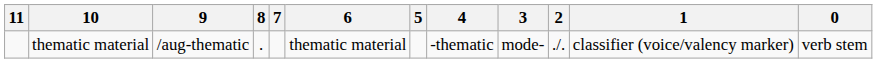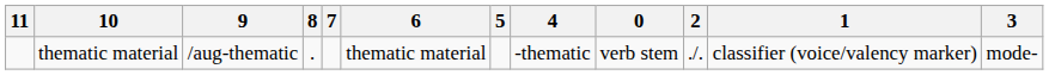 <table class="wikitable" frame=void style="vertical-align:top; text-align:center;">
 <tr>
 <th>11</th>
 <th>10</th>
 <th>9</th>
 <th>8</th>
 <th>7</th>
 <th>6</th>
 <th>5</th>
 <th>4</th>
-<th>3</th>
+<th>0</th>
 <th>2</th>
 <th>1</th>
-<th>0</th>
+<th>3</th>
 </tr>
 <tr>
 <td></td>
 <td>thematic material</td>
 <td>/aug-thematic</td>
 <td>.</td>
 <td></td>
 <td>thematic material</td>
 <td></td>
 <td>-thematic</td>
-<td>mode-</td>
+<td>verb stem</td>
 <td>./.</td>
 <td>classifier (voice/valency marker)</td>
-<td>verb stem</td>
+<td>mode-</td>
 </tr>
 </table>
